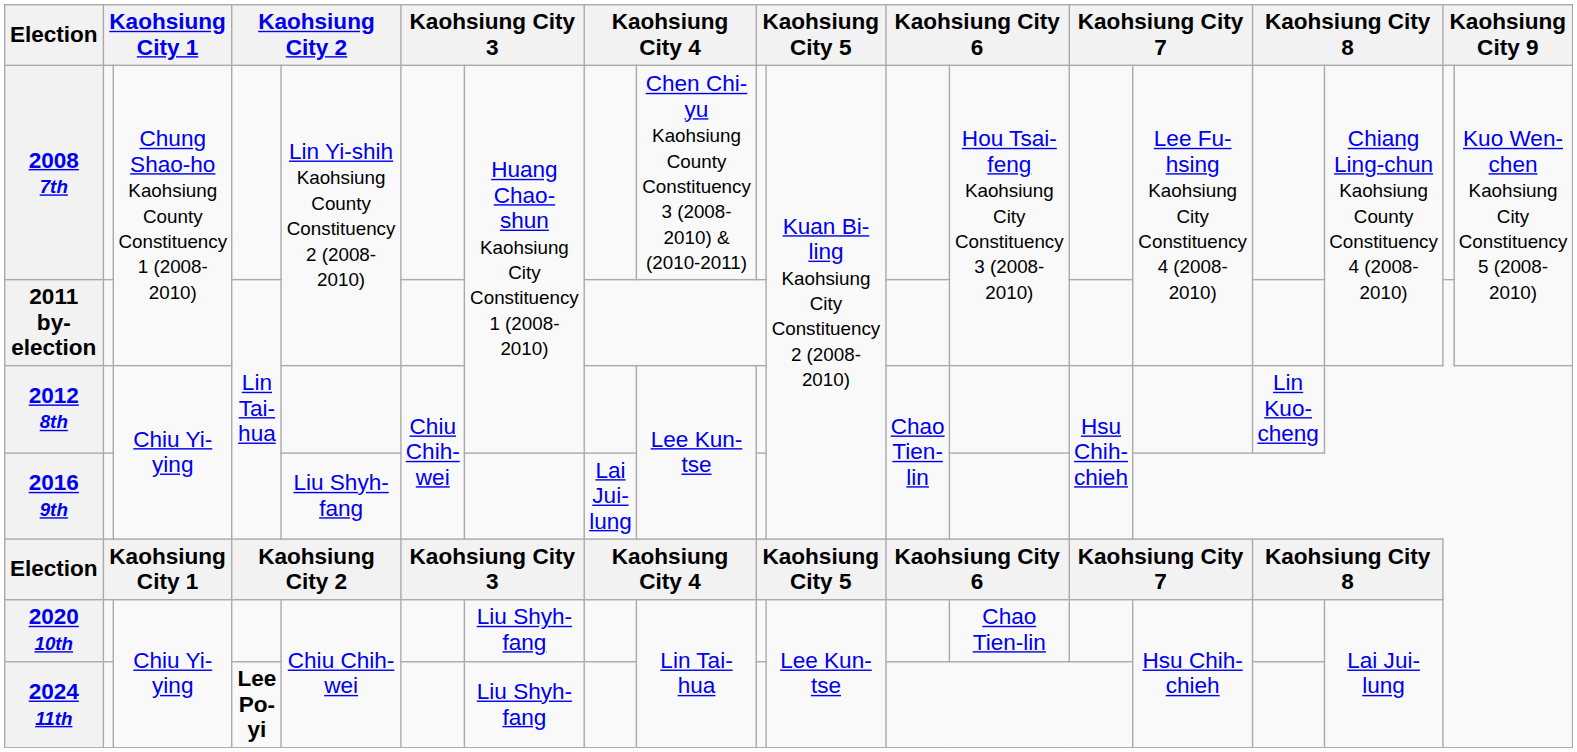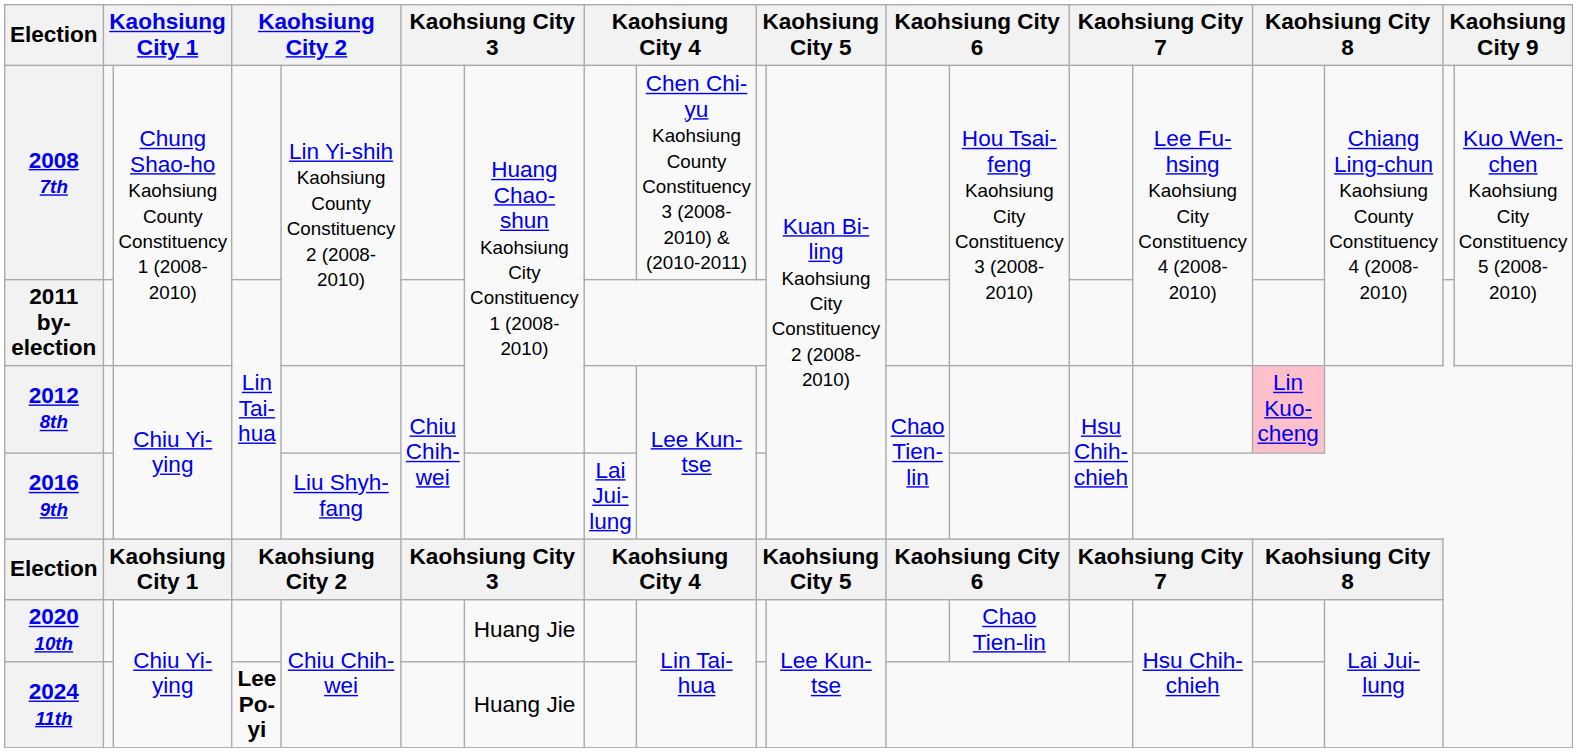 <table class="wikitable" align="center" style="text-align:center">
 <tr>
 <th>Election</th>
 <th colspan="2" width="80px"><a href='#'>Kaohsiung City 1</a></th>
 <th colspan="2" width="80px"><a href='#'>Kaohsiung City 2</a></th>
 <th colspan="2" width="80px">Kaohsiung City 3</th>
 <th colspan="2" width="80px">Kaohsiung City 4</th>
 <th colspan="2" width="80px">Kaohsiung City 5</th>
 <th colspan="2" width="80px">Kaohsiung City 6</th>
 <th colspan="2" width="80px">Kaohsiung City 7</th>
 <th colspan="2" width="80px">Kaohsiung City 8</th>
 <th colspan="2" width="80px">Kaohsiung City 9</th>
 </tr>
 <tr>
 <th><a href='#'>2008</a><br><small><em><a href='#'>7th</a></em></small><br></th>
 <td></td>
 <td rowspan=2><a href='#'>Chung Shao-ho</a><br><small>Kaohsiung County Constituency 1 (2008-2010)</small></td>
 <td></td>
 <td rowspan=2><a href='#'>Lin Yi-shih</a><br><small>Kaohsiung County Constituency 2 (2008-2010)</small></td>
 <td></td>
 <td rowspan=3><a href='#'>Huang Chao-shun</a><br><small>Kaohsiung City Constituency 1 (2008-2010)</small></td>
 <td></td>
 <td><a href='#'>Chen Chi-yu</a><br><small>Kaohsiung County Constituency 3 (2008-2010) & (2010-2011)</small><br></td>
 <td></td>
 <td rowspan=4><a href='#'>Kuan Bi-ling</a><br><small>Kaohsiung City Constituency 2 (2008-2010)</small></td>
 <td></td>
 <td rowspan=2><a href='#'>Hou Tsai-feng</a><br><small>Kaohsiung City Constituency 3 (2008-2010)</small></td>
 <td></td>
 <td rowspan=2><a href='#'>Lee Fu-hsing</a><br><small>Kaohsiung City Constituency 4 (2008-2010)</small></td>
 <td></td>
 <td rowspan=2><a href='#'>Chiang Ling-chun</a><br><small>Kaohsiung County Constituency 4 (2008-2010)</small></td>
 <td></td>
 <td rowspan=2><a href='#'>Kuo Wen-chen</a><br><small>Kaohsiung City Constituency 5 (2008-2010)</small></td>
 </tr>
 <tr>
 <th>2011 by-election</th>
 <td></td>
 <td rowspan=3><a href='#'>Lin Tai-hua</a></td>
 </tr>
 <tr>
 <th><a href='#'>2012</a><br><small><em><a href='#'>8th</a></em></small><br></th>
 <td></td>
 <td rowspan=2><a href='#'>Chiu Yi-ying</a></td>
 <td></td>
 <td rowspan=2><a href='#'>Chiu Chih-wei</a></td>
 <td></td>
 <td rowspan=2><a href='#'>Lee Kun-tse</a></td>
 <td></td>
 <td rowspan=2><a href='#'>Chao Tien-lin</a></td>
 <td></td>
 <td rowspan=2><a href='#'>Hsu Chih-chieh</a></td>
 <td></td>
-<td><a href='#'>Lin Kuo-cheng</a></td>
+<td style="background: pink;"><a href='#'>Lin Kuo-cheng</a></td>
 </tr>
 <tr>
 <th><a href='#'>2016</a><br><small><em><a href='#'>9th</a></em></small><br></th>
 <td></td>
 <td><a href='#'>Liu Shyh-fang</a></td>
 <td></td>
 <td><a href='#'>Lai Jui-lung</a></td>
 </tr>
 <tr>
 <th>Election</th>
 <th colspan="2" width="80px">Kaohsiung City 1</th>
 <th colspan="2" width="80px">Kaohsiung City 2</th>
 <th colspan="2" width="80px">Kaohsiung City 3</th>
 <th colspan="2" width="80px">Kaohsiung City 4</th>
 <th colspan="2" width="80px">Kaohsiung City 5</th>
 <th colspan="2" width="80px">Kaohsiung City 6</th>
 <th colspan="2" width="80px">Kaohsiung City 7</th>
 <th colspan="2" width="80px">Kaohsiung City 8</th>
 </tr>
 <tr>
 <th><a href='#'>2020</a><br><small><em><a href='#'>10th</a></em></small><br></th>
 <td></td>
 <td rowspan=2><a href='#'>Chiu Yi-ying</a></td>
 <td></td>
 <td rowspan=2><a href='#'>Chiu Chih-wei</a></td>
 <td></td>
-<td><a href='#'>Liu Shyh-fang</a></td>
+<td>Huang Jie</td>
 <td></td>
 <td rowspan=2><a href='#'>Lin Tai-hua</a></td>
 <td></td>
 <td rowspan=2><a href='#'>Lee Kun-tse</a></td>
 <td></td>
 <td><a href='#'>Chao Tien-lin</a></td>
 <td></td>
 <td rowspan=2><a href='#'>Hsu Chih-chieh</a></td>
 <td></td>
 <td rowspan=2><a href='#'>Lai Jui-lung</a></td>
 </tr>
 <tr>
 <th><a href='#'>2024</a><br><small><em><a href='#'>11th</a></em></small><br></th>
 <td></td>
 <td><strong>Lee Po-yi</strong></td>
 <td></td>
-<td><a href='#'>Liu Shyh-fang</a></td>
+<td>Huang Jie</td>
 </tr>
 </table>
